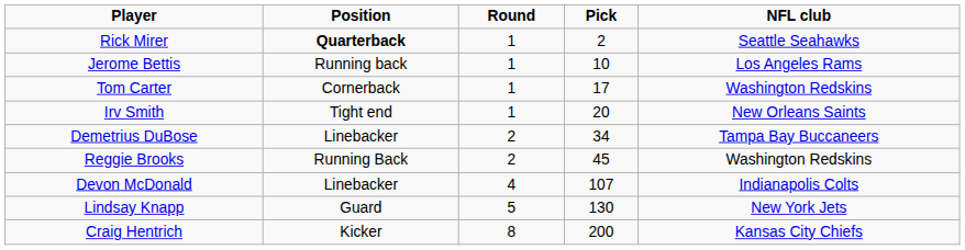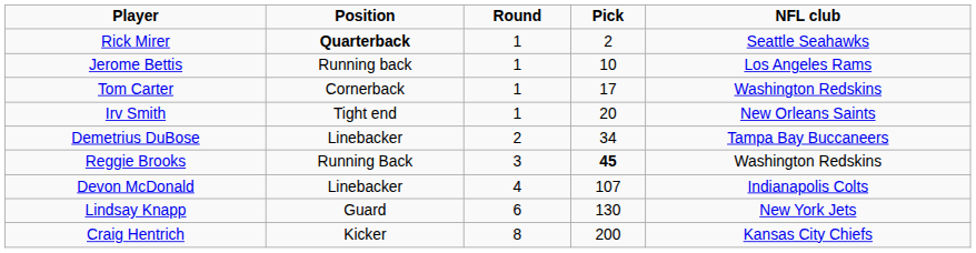 <table class="wikitable" width="80%">
 <tr align="center">
 <td><strong>Player</strong></td>
 <td><strong>Position</strong></td>
 <td><strong>Round</strong></td>
 <td><strong>Pick</strong></td>
 <td><strong>NFL club</strong></td>
 </tr>
 <tr align="center" bgcolor="">
 <td><a href='#'>Rick Mirer</a></td>
 <td><strong>Quarterback</strong></td>
 <td>1</td>
 <td>2</td>
 <td><a href='#'>Seattle Seahawks</a></td>
 </tr>
 <tr align="center" bgcolor="">
 <td><a href='#'>Jerome Bettis</a></td>
 <td>Running back</td>
 <td>1</td>
 <td>10</td>
 <td><a href='#'>Los Angeles Rams</a></td>
 </tr>
 <tr align="center" bgcolor="">
 <td><a href='#'>Tom Carter</a></td>
 <td>Cornerback</td>
 <td>1</td>
 <td>17</td>
 <td><a href='#'>Washington Redskins</a></td>
 </tr>
 <tr align="center" bgcolor="">
 <td><a href='#'>Irv Smith</a></td>
 <td>Tight end</td>
 <td>1</td>
 <td>20</td>
 <td><a href='#'>New Orleans Saints</a></td>
 </tr>
 <tr align="center" bgcolor="">
 <td><a href='#'>Demetrius DuBose</a></td>
 <td>Linebacker</td>
 <td>2</td>
 <td>34</td>
 <td><a href='#'>Tampa Bay Buccaneers</a></td>
 </tr>
 <tr align="center" bgcolor="">
 <td><a href='#'>Reggie Brooks</a></td>
 <td>Running Back</td>
-<td>2</td>
-<td>45</td>
+<td>3</td>
+<td><strong>45</strong></td>
 <td>Washington Redskins</td>
 </tr>
 <tr align="center" bgcolor="">
 <td><a href='#'>Devon McDonald</a></td>
 <td>Linebacker</td>
 <td>4</td>
 <td>107</td>
 <td><a href='#'>Indianapolis Colts</a></td>
 </tr>
 <tr align="center" bgcolor="">
 <td><a href='#'>Lindsay Knapp</a></td>
 <td>Guard</td>
-<td>5</td>
+<td>6</td>
 <td>130</td>
 <td><a href='#'>New York Jets</a></td>
 </tr>
 <tr align="center" bgcolor="">
 <td><a href='#'>Craig Hentrich</a></td>
 <td>Kicker</td>
 <td>8</td>
 <td>200</td>
 <td><a href='#'>Kansas City Chiefs</a></td>
 </tr>
 </table>
